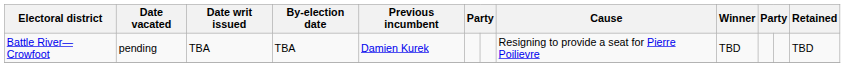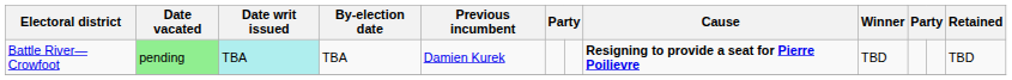 <table class="wikitable">
 <tr>
 <th>Electoral district</th>
 <th>Date vacated</th>
 <th>Date writ issued</th>
 <th>By-election date</th>
 <th>Previous incumbent</th>
 <th colspan="2">Party</th>
 <th>Cause</th>
 <th>Winner</th>
 <th colspan="2">Party</th>
 <th>Retained</th>
 </tr>
 <tr>
 <td><a href='#'>Battle River—Crowfoot</a></td>
-<td>pending</td>
-<td>TBA</td>
+<td style="background: lightgreen;">pending</td>
+<td style="background: paleturquoise;">TBA</td>
 <td>TBA</td>
 <td><a href='#'>Damien Kurek</a></td>
 <td></td>
 <td></td>
-<td>Resigning to provide a seat for <a href='#'>Pierre Poilievre</a></td>
+<td><strong>Resigning to provide a seat for <a href='#'>Pierre Poilievre</a></strong></td>
 <td>TBD</td>
 <td></td>
 <td></td>
 <td>TBD</td>
 </tr>
 <tr>
 </tr>
 </table>
